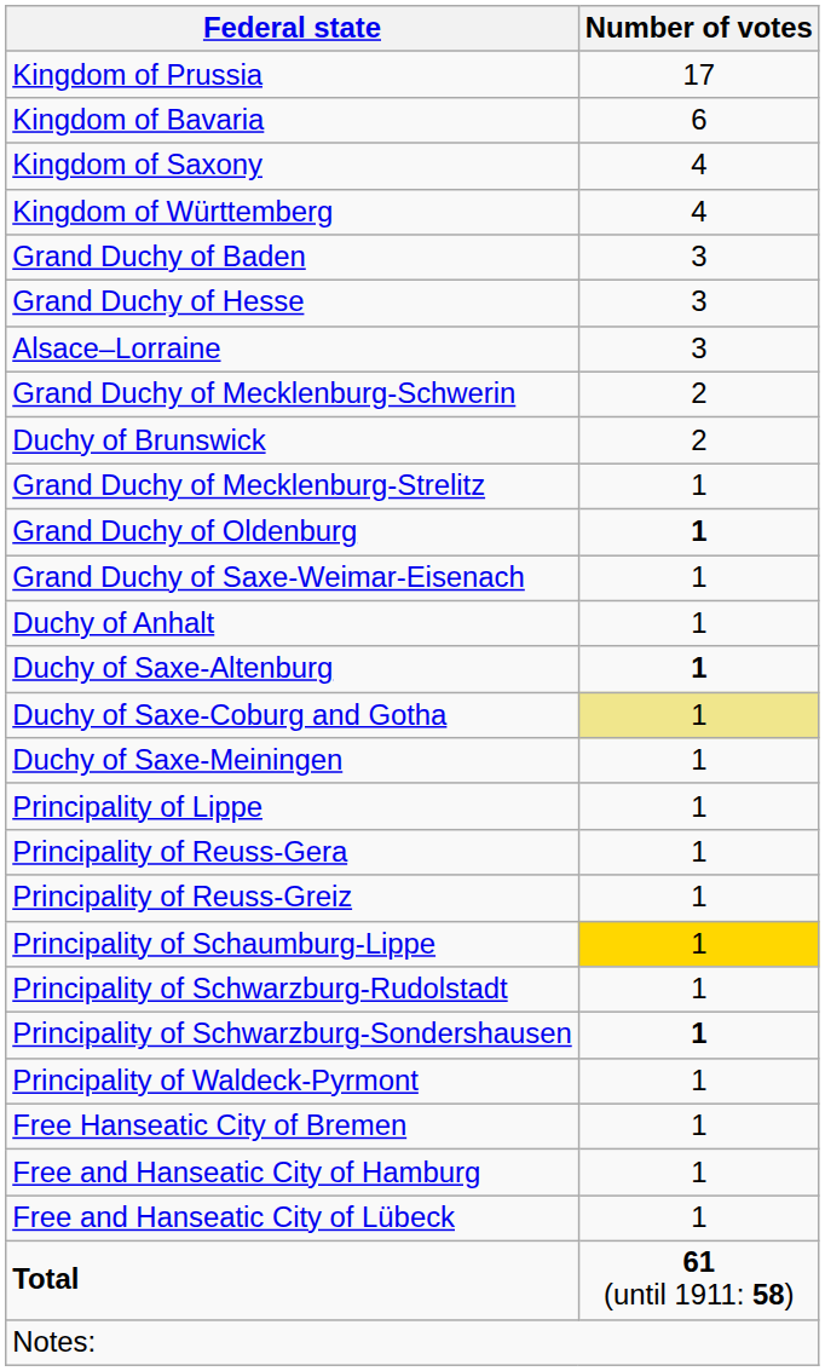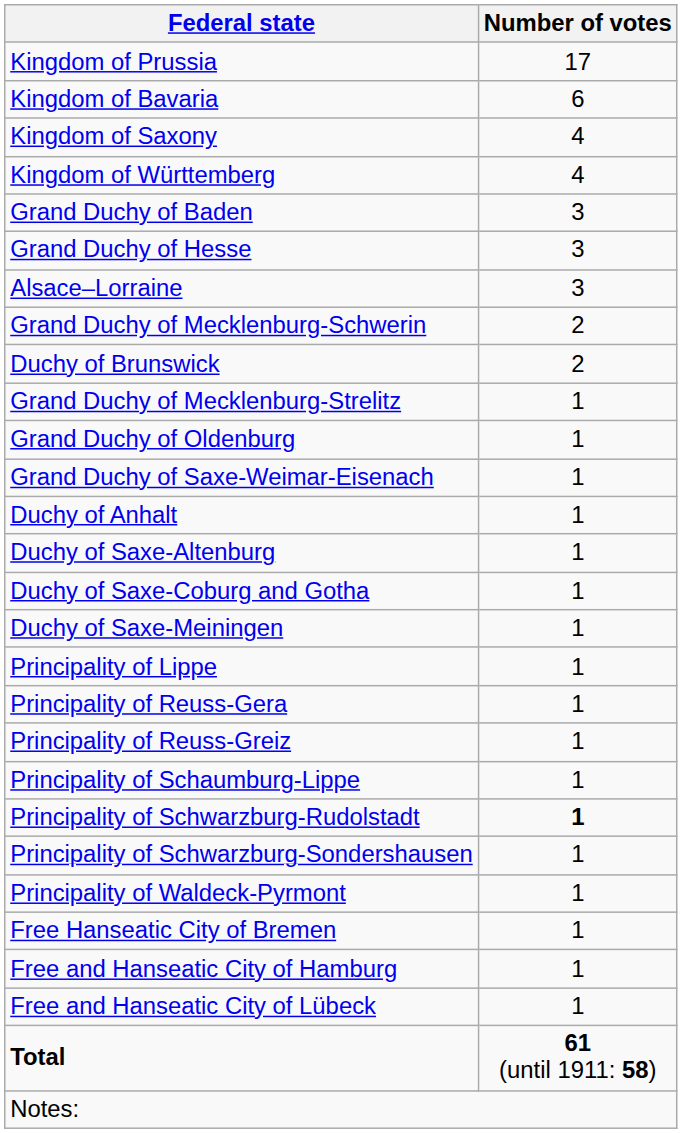 <table class="wikitable floatright">
 <tr>
 <th><a href='#'>Federal state</a></th>
 <th>Number of votes</th>
 </tr>
 <tr>
 <td><a href='#'>Kingdom of Prussia</a> </td>
 <td align="center">17</td>
 </tr>
 <tr>
 <td><a href='#'>Kingdom of Bavaria</a></td>
 <td align="center">6</td>
 </tr>
 <tr>
 <td><a href='#'>Kingdom of Saxony</a></td>
 <td align="center">4</td>
 </tr>
 <tr>
 <td><a href='#'>Kingdom of Württemberg</a></td>
 <td align="center">4</td>
 </tr>
 <tr>
 <td><a href='#'>Grand Duchy of Baden</a></td>
 <td align="center">3</td>
 </tr>
 <tr>
 <td><a href='#'>Grand Duchy of Hesse</a></td>
 <td align="center">3</td>
 </tr>
 <tr>
 <td><a href='#'>Alsace–Lorraine</a></td>
 <td align="center">3</td>
 </tr>
 <tr>
 <td><a href='#'>Grand Duchy of Mecklenburg-Schwerin</a></td>
 <td align="center">2</td>
 </tr>
 <tr>
 <td><a href='#'>Duchy of Brunswick</a></td>
 <td align="center">2</td>
 </tr>
 <tr>
 <td><a href='#'>Grand Duchy of Mecklenburg-Strelitz</a></td>
 <td align="center">1</td>
 </tr>
 <tr>
 <td><a href='#'>Grand Duchy of Oldenburg</a></td>
-<td align="center"><strong>1</strong></td>
+<td align="center">1</td>
 </tr>
 <tr>
 <td><a href='#'>Grand Duchy of Saxe-Weimar-Eisenach</a></td>
 <td align="center">1</td>
 </tr>
 <tr>
 <td><a href='#'>Duchy of Anhalt</a></td>
 <td align="center">1</td>
 </tr>
 <tr>
 <td><a href='#'>Duchy of Saxe-Altenburg</a></td>
-<td align="center"><strong>1</strong></td>
+<td align="center">1</td>
 </tr>
 <tr>
 <td><a href='#'>Duchy of Saxe-Coburg and Gotha</a></td>
-<td align="center" style="background: khaki;">1</td>
+<td align="center">1</td>
 </tr>
 <tr>
 <td><a href='#'>Duchy of Saxe-Meiningen</a></td>
 <td align="center">1</td>
 </tr>
 <tr>
 <td><a href='#'>Principality of Lippe</a></td>
 <td align="center">1</td>
 </tr>
 <tr>
 <td><a href='#'>Principality of Reuss-Gera</a></td>
 <td align="center">1</td>
 </tr>
 <tr>
 <td><a href='#'>Principality of Reuss-Greiz</a></td>
 <td align="center">1</td>
 </tr>
 <tr>
 <td><a href='#'>Principality of Schaumburg-Lippe</a></td>
-<td align="center" style="background: gold;">1</td>
+<td align="center">1</td>
 </tr>
 <tr>
 <td><a href='#'>Principality of Schwarzburg-Rudolstadt</a></td>
-<td align="center">1</td>
+<td align="center"><strong>1</strong></td>
 </tr>
 <tr>
 <td><a href='#'>Principality of Schwarzburg-Sondershausen</a></td>
-<td align="center"><strong>1</strong></td>
+<td align="center">1</td>
 </tr>
 <tr>
 <td><a href='#'>Principality of Waldeck-Pyrmont</a></td>
 <td align="center">1</td>
 </tr>
 <tr>
 <td><a href='#'>Free Hanseatic City of Bremen</a></td>
 <td align="center">1</td>
 </tr>
 <tr>
 <td><a href='#'>Free and Hanseatic City of Hamburg</a></td>
 <td align="center">1</td>
 </tr>
 <tr>
 <td><a href='#'>Free and Hanseatic City of Lübeck</a></td>
 <td align="center">1</td>
 </tr>
 <tr>
 <td><strong>Total</strong></td>
 <td align="center"><strong>61</strong> <br>(until 1911: <strong>58</strong>)</td>
 </tr>
 <tr>
 <td colspan=2 style="text-align: left;">Notes: </td>
 </tr>
 </table>
